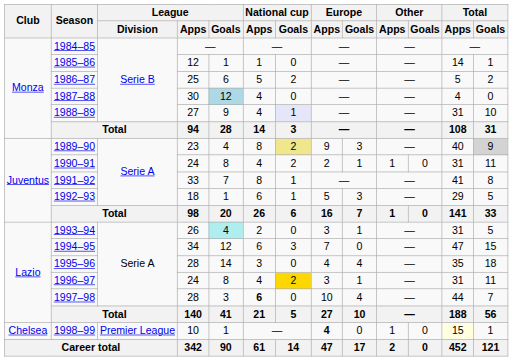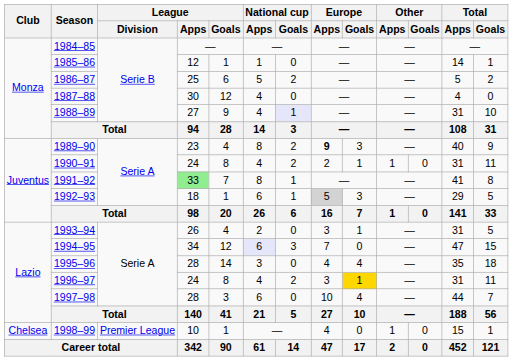 <table class="wikitable" style="text-align:center">
 <tr>
 <th rowspan=2>Club</th>
 <th rowspan=2>Season</th>
 <th colspan=3>League</th>
 <th colspan=2>National cup</th>
 <th colspan=2>Europe</th>
 <th colspan=2>Other</th>
 <th colspan=2>Total</th>
 </tr>
 <tr>
 <th>Division</th>
 <th>Apps</th>
 <th>Goals</th>
 <th>Apps</th>
 <th>Goals</th>
 <th>Apps</th>
 <th>Goals</th>
 <th>Apps</th>
 <th>Goals</th>
 <th>Apps</th>
 <th>Goals</th>
 </tr>
 <tr>
 <td rowspan=6><a href='#'>Monza</a></td>
 <td><a href='#'>1984–85</a></td>
 <td rowspan=5><a href='#'>Serie B</a></td>
 <td colspan=2>—</td>
 <td colspan=2>—</td>
 <td colspan=2>—</td>
 <td colspan=2>—</td>
 <td colspan=2>—</td>
 </tr>
 <tr>
 <td><a href='#'>1985–86</a></td>
 <td>12</td>
 <td>1</td>
 <td>1</td>
 <td>0</td>
 <td colspan=2>—</td>
 <td colspan=2>—</td>
 <td>14</td>
 <td>1</td>
 </tr>
 <tr>
 <td><a href='#'>1986–87</a></td>
 <td>25</td>
 <td>6</td>
 <td>5</td>
 <td>2</td>
 <td colspan=2>—</td>
 <td colspan=2>—</td>
 <td>5</td>
 <td>2</td>
 </tr>
 <tr>
 <td><a href='#'>1987–88</a></td>
 <td>30</td>
-<td style="background: lightblue;">12</td>
+<td>12</td>
 <td>4</td>
 <td>0</td>
 <td colspan=2>—</td>
 <td colspan=2>—</td>
 <td>4</td>
 <td>0</td>
 </tr>
 <tr>
 <td><a href='#'>1988–89</a></td>
 <td>27</td>
 <td>9</td>
 <td>4</td>
 <td style="background: lavender;">1</td>
 <td colspan=2>—</td>
 <td colspan=2>—</td>
 <td>31</td>
 <td>10</td>
 </tr>
 <tr>
 <th colspan=2>Total</th>
 <th>94</th>
 <th>28</th>
 <th>14</th>
 <th>3</th>
 <th colspan=2>—</th>
 <th colspan=2>—</th>
 <th>108</th>
 <th>31</th>
 </tr>
 <tr>
 <td rowspan=5><a href='#'>Juventus</a></td>
 <td><a href='#'>1989–90</a></td>
 <td rowspan=4><a href='#'>Serie A</a></td>
 <td>23</td>
 <td>4</td>
 <td>8</td>
-<td style="background: khaki;">2</td>
-<td>9</td>
+<td>2</td>
+<td><strong>9</strong></td>
 <td>3</td>
 <td colspan=2>—</td>
 <td>40</td>
-<td style="background: lightgrey;">9</td>
+<td>9</td>
 </tr>
 <tr>
 <td><a href='#'>1990–91</a></td>
 <td>24</td>
 <td>8</td>
 <td>4</td>
 <td>2</td>
 <td>2</td>
 <td>1</td>
 <td>1</td>
 <td>0</td>
 <td>31</td>
 <td>11</td>
 </tr>
 <tr>
 <td><a href='#'>1991–92</a></td>
-<td>33</td>
+<td style="background: lightgreen;">33</td>
 <td>7</td>
 <td>8</td>
 <td>1</td>
 <td colspan=2>—</td>
 <td colspan=2>—</td>
 <td>41</td>
 <td>8</td>
 </tr>
 <tr>
 <td><a href='#'>1992–93</a></td>
 <td>18</td>
 <td>1</td>
 <td>6</td>
 <td>1</td>
-<td>5</td>
+<td style="background: lightgrey;">5</td>
 <td>3</td>
 <td colspan=2>—</td>
 <td>29</td>
 <td>5</td>
 </tr>
 <tr>
 <th colspan=2>Total</th>
 <th>98</th>
 <th>20</th>
 <th>26</th>
 <th>6</th>
 <th>16</th>
 <th>7</th>
 <th>1</th>
 <th>0</th>
 <th>141</th>
 <th>33</th>
 </tr>
 <tr>
 <td rowspan=6><a href='#'>Lazio</a></td>
 <td><a href='#'>1993–94</a></td>
 <td rowspan=5>Serie A</td>
 <td>26</td>
-<td style="background: paleturquoise;">4</td>
+<td>4</td>
 <td>2</td>
 <td>0</td>
 <td>3</td>
 <td>1</td>
 <td colspan=2>—</td>
 <td>31</td>
 <td>5</td>
 </tr>
 <tr>
 <td><a href='#'>1994–95</a></td>
 <td>34</td>
 <td>12</td>
-<td>6</td>
+<td style="background: lavender;">6</td>
 <td>3</td>
 <td>7</td>
 <td>0</td>
 <td colspan=2>—</td>
 <td>47</td>
 <td>15</td>
 </tr>
 <tr>
 <td><a href='#'>1995–96</a></td>
 <td>28</td>
 <td>14</td>
 <td>3</td>
 <td>0</td>
 <td>4</td>
 <td>4</td>
 <td colspan=2>—</td>
 <td>35</td>
 <td>18</td>
 </tr>
 <tr>
 <td><a href='#'>1996–97</a></td>
 <td>24</td>
 <td>8</td>
 <td>4</td>
-<td style="background: gold;">2</td>
+<td>2</td>
 <td>3</td>
-<td>1</td>
+<td style="background: gold;">1</td>
 <td colspan=2>—</td>
 <td>31</td>
 <td>11</td>
 </tr>
 <tr>
 <td><a href='#'>1997–98</a></td>
 <td>28</td>
 <td>3</td>
-<td><strong>6</strong></td>
+<td>6</td>
 <td>0</td>
 <td>10</td>
 <td>4</td>
 <td colspan=2>—</td>
 <td>44</td>
 <td>7</td>
 </tr>
 <tr>
 <th colspan=2>Total</th>
 <th>140</th>
 <th>41</th>
 <th>21</th>
 <th>5</th>
 <th>27</th>
 <th>10</th>
 <th colspan=2>—</th>
 <th>188</th>
 <th>56</th>
 </tr>
 <tr>
 <td><a href='#'>Chelsea</a></td>
 <td><a href='#'>1998–99</a></td>
 <td><a href='#'>Premier League</a></td>
 <td>10</td>
 <td>1</td>
 <td colspan=2>—</td>
-<td><strong>4</strong></td>
+<td>4</td>
 <td>0</td>
 <td>1</td>
 <td>0</td>
-<td style="background: lightyellow;">15</td>
+<td>15</td>
 <td>1</td>
 </tr>
 <tr>
 <th colspan=3>Career total</th>
 <th>342</th>
 <th>90</th>
 <th>61</th>
 <th>14</th>
 <th>47</th>
 <th>17</th>
 <th>2</th>
 <th>0</th>
 <th>452</th>
 <th>121</th>
 </tr>
 </table>
